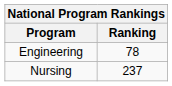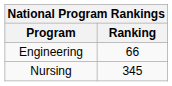 <table class="wikitable sortable collapsible collapsed" style="float:right; clear:right; text-align:center">
 <tr>
 <th colspan=4>National Program Rankings</th>
 </tr>
 <tr>
 <th>Program</th>
 <th>Ranking</th>
 </tr>
 <tr>
 <td>Engineering</td>
-<td>78</td>
+<td>66</td>
 </tr>
 <tr>
 <td>Nursing</td>
-<td>237</td>
+<td>345</td>
 </tr>
 </table>
